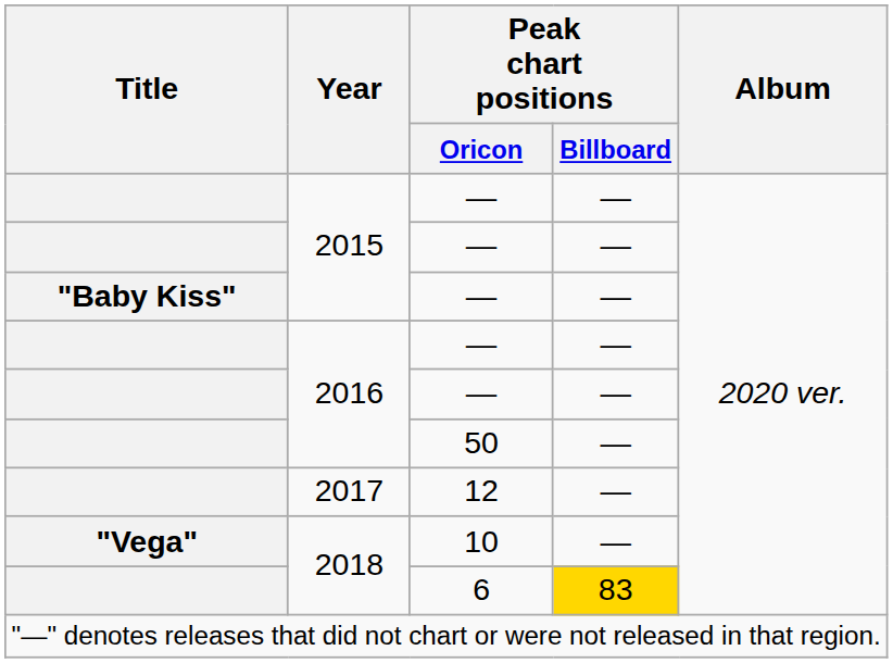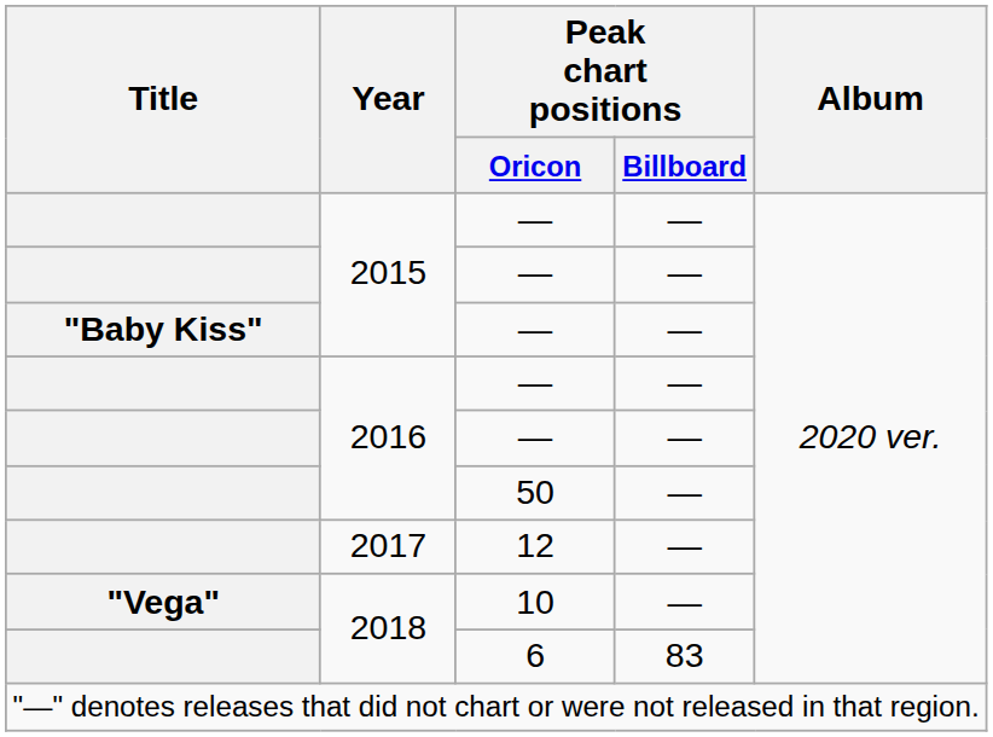 <table class="wikitable plainrowheaders" style="text-align:center;">
 <tr>
 <th scope="col" rowspan="2">Title</th>
 <th scope="col" rowspan="2">Year</th>
 <th scope="col" colspan="2">Peak <br> chart <br> positions</th>
 <th scope="col" rowspan="2">Album</th>
 </tr>
 <tr>
 <th scope="col" colspan="1"><small><a href='#'>Oricon</a></small><br></th>
 <th scope="col" style="width:2.5em;"><small><a href='#'>Billboard</a></small><br></th>
 </tr>
 <tr>
 <th scope="row"></th>
 <td rowspan="3">2015</td>
 <td>—</td>
 <td>—</td>
 <td rowspan="9"><em>2020 ver.</em></td>
 </tr>
 <tr>
 <th scope="row"></th>
 <td>—</td>
 <td>—</td>
 </tr>
 <tr>
 <th scope="row">"Baby Kiss"</th>
 <td>—</td>
 <td>—</td>
 </tr>
 <tr>
 <th scope="row"></th>
 <td rowspan="3">2016</td>
 <td>—</td>
 <td>—</td>
 </tr>
 <tr>
 <th scope="row"></th>
 <td>—</td>
 <td>—</td>
 </tr>
 <tr>
 <th scope="row"></th>
 <td>50</td>
 <td>—</td>
 </tr>
 <tr>
 <th scope="row"></th>
 <td>2017</td>
 <td>12</td>
 <td>—</td>
 </tr>
 <tr>
 <th scope="row">"Vega"</th>
 <td rowspan="2">2018</td>
 <td>10</td>
 <td>—</td>
 </tr>
 <tr>
 <th scope="row"></th>
 <td>6</td>
-<td style="background: gold;">83</td>
+<td>83</td>
 </tr>
 <tr>
 <td colspan="5" style="font-size:85%">"—" denotes releases that did not chart or were not released in that region.</td>
 </tr>
 </table>
